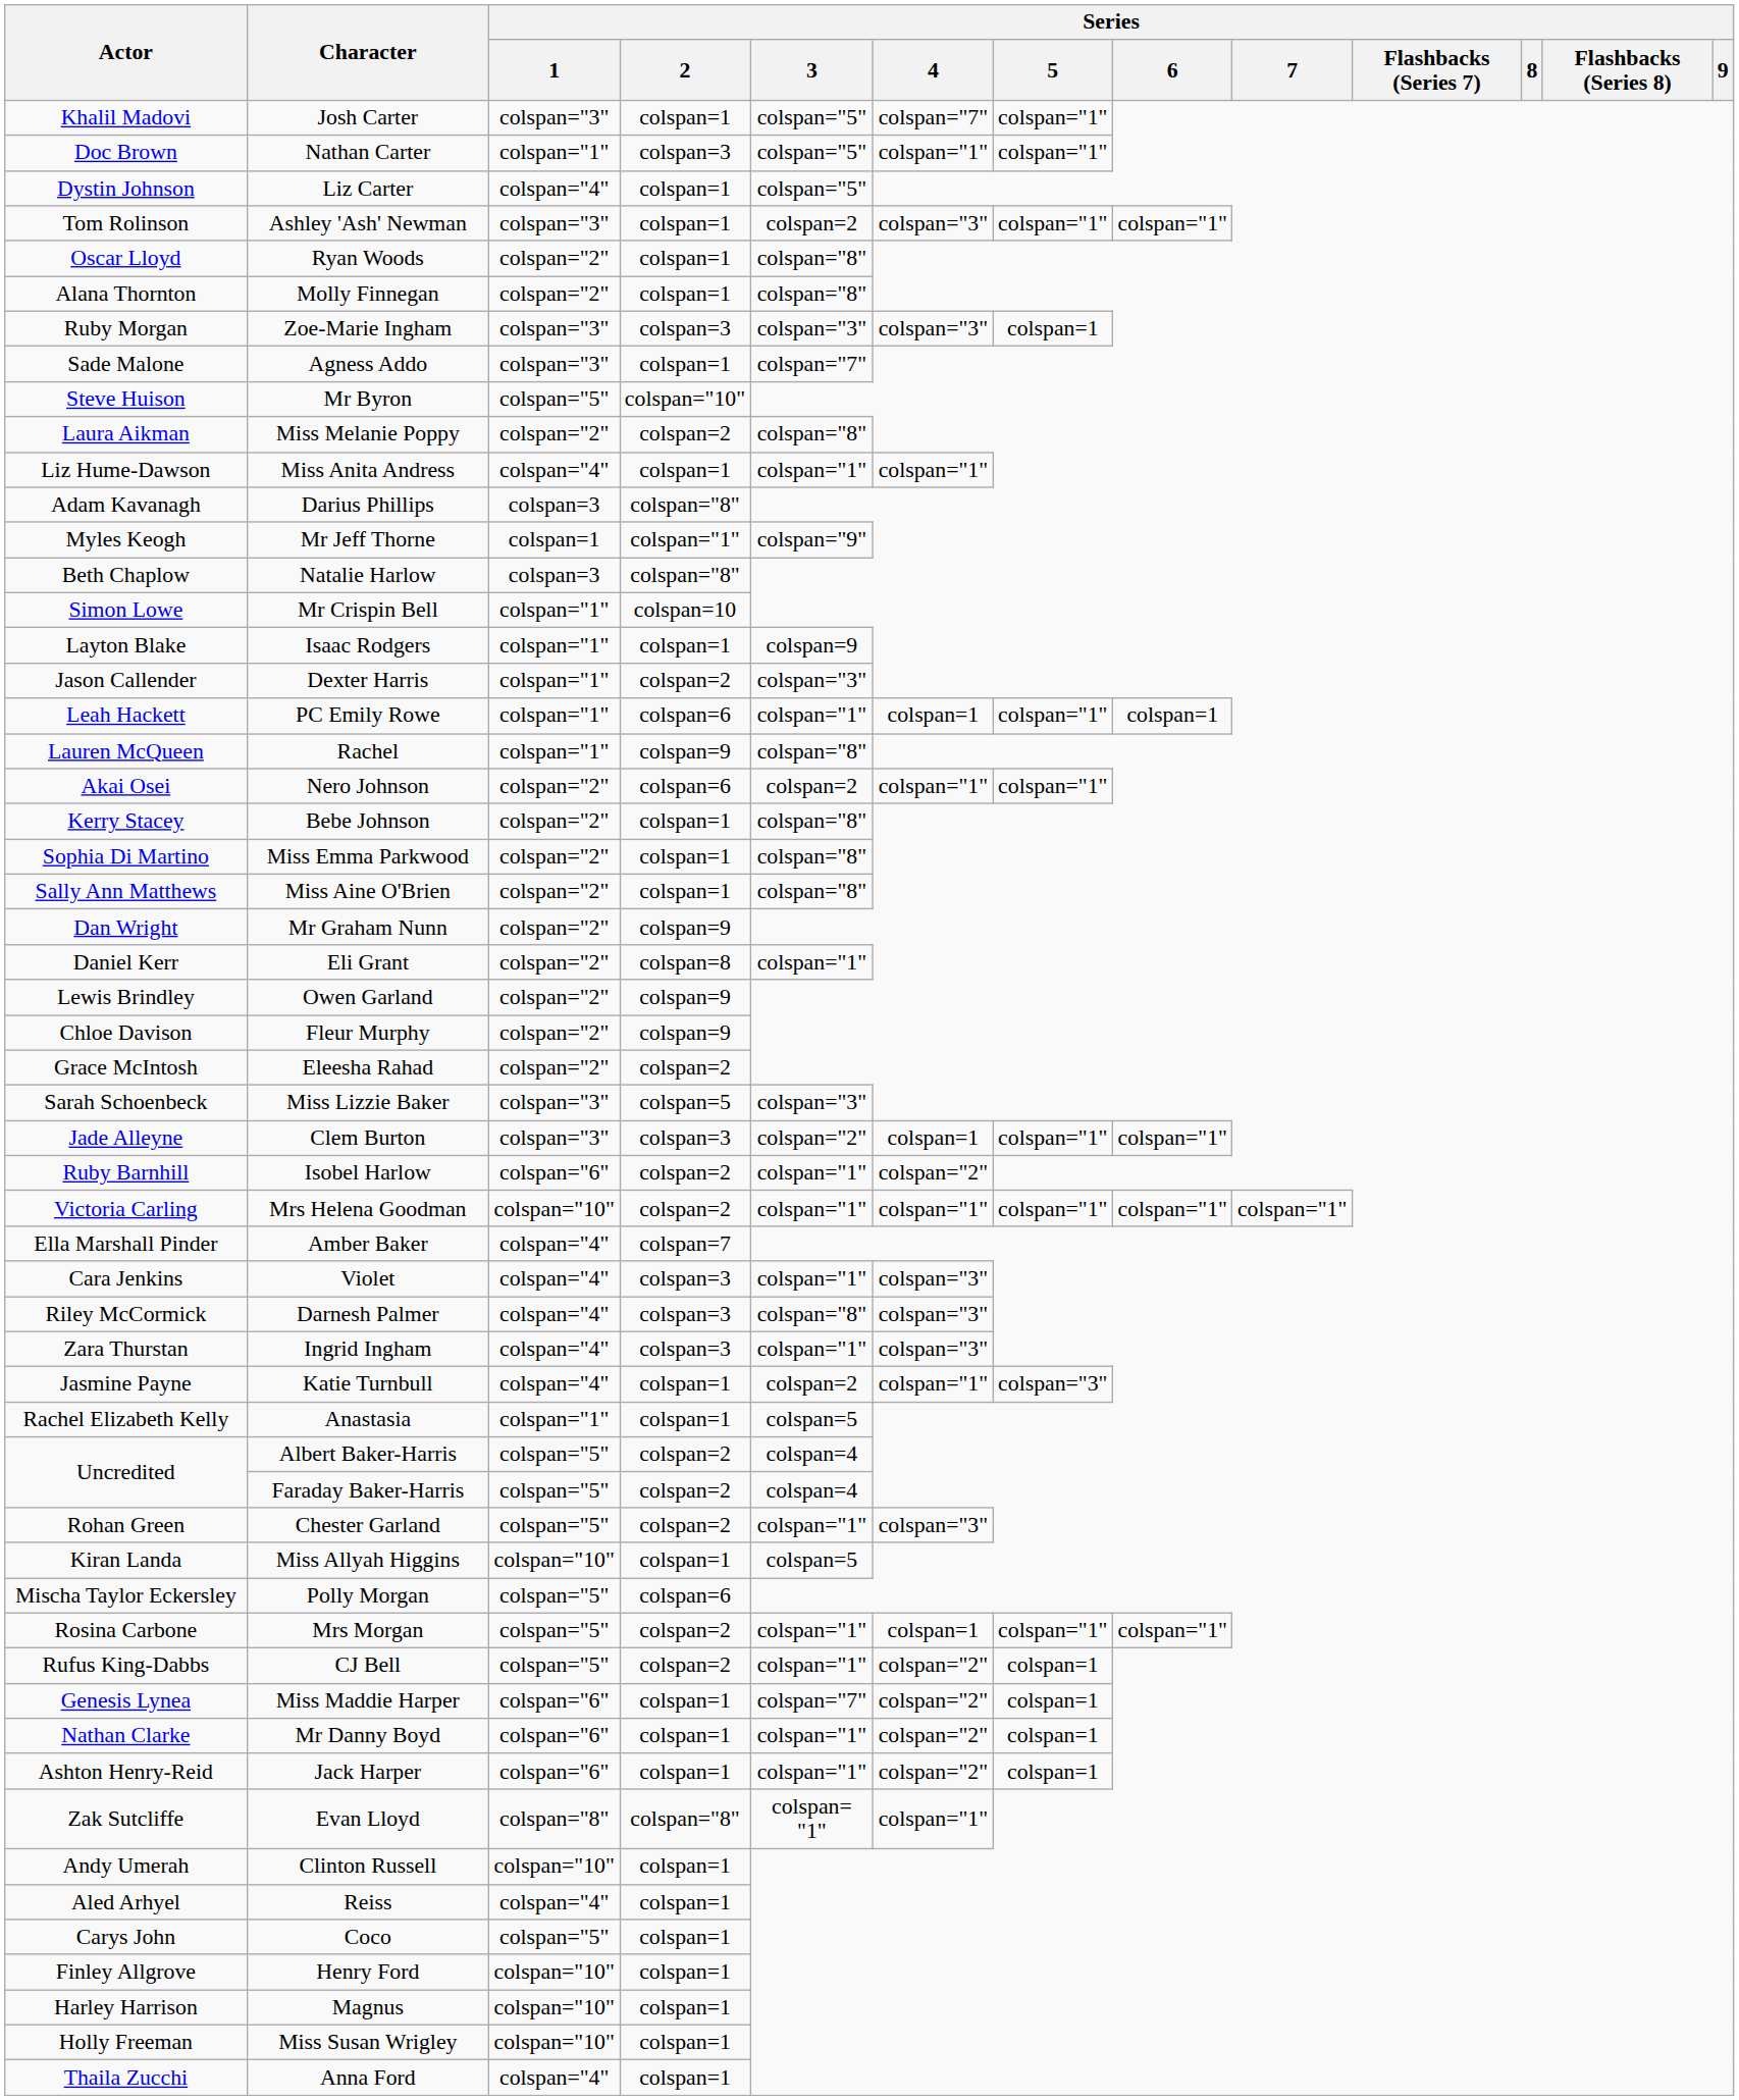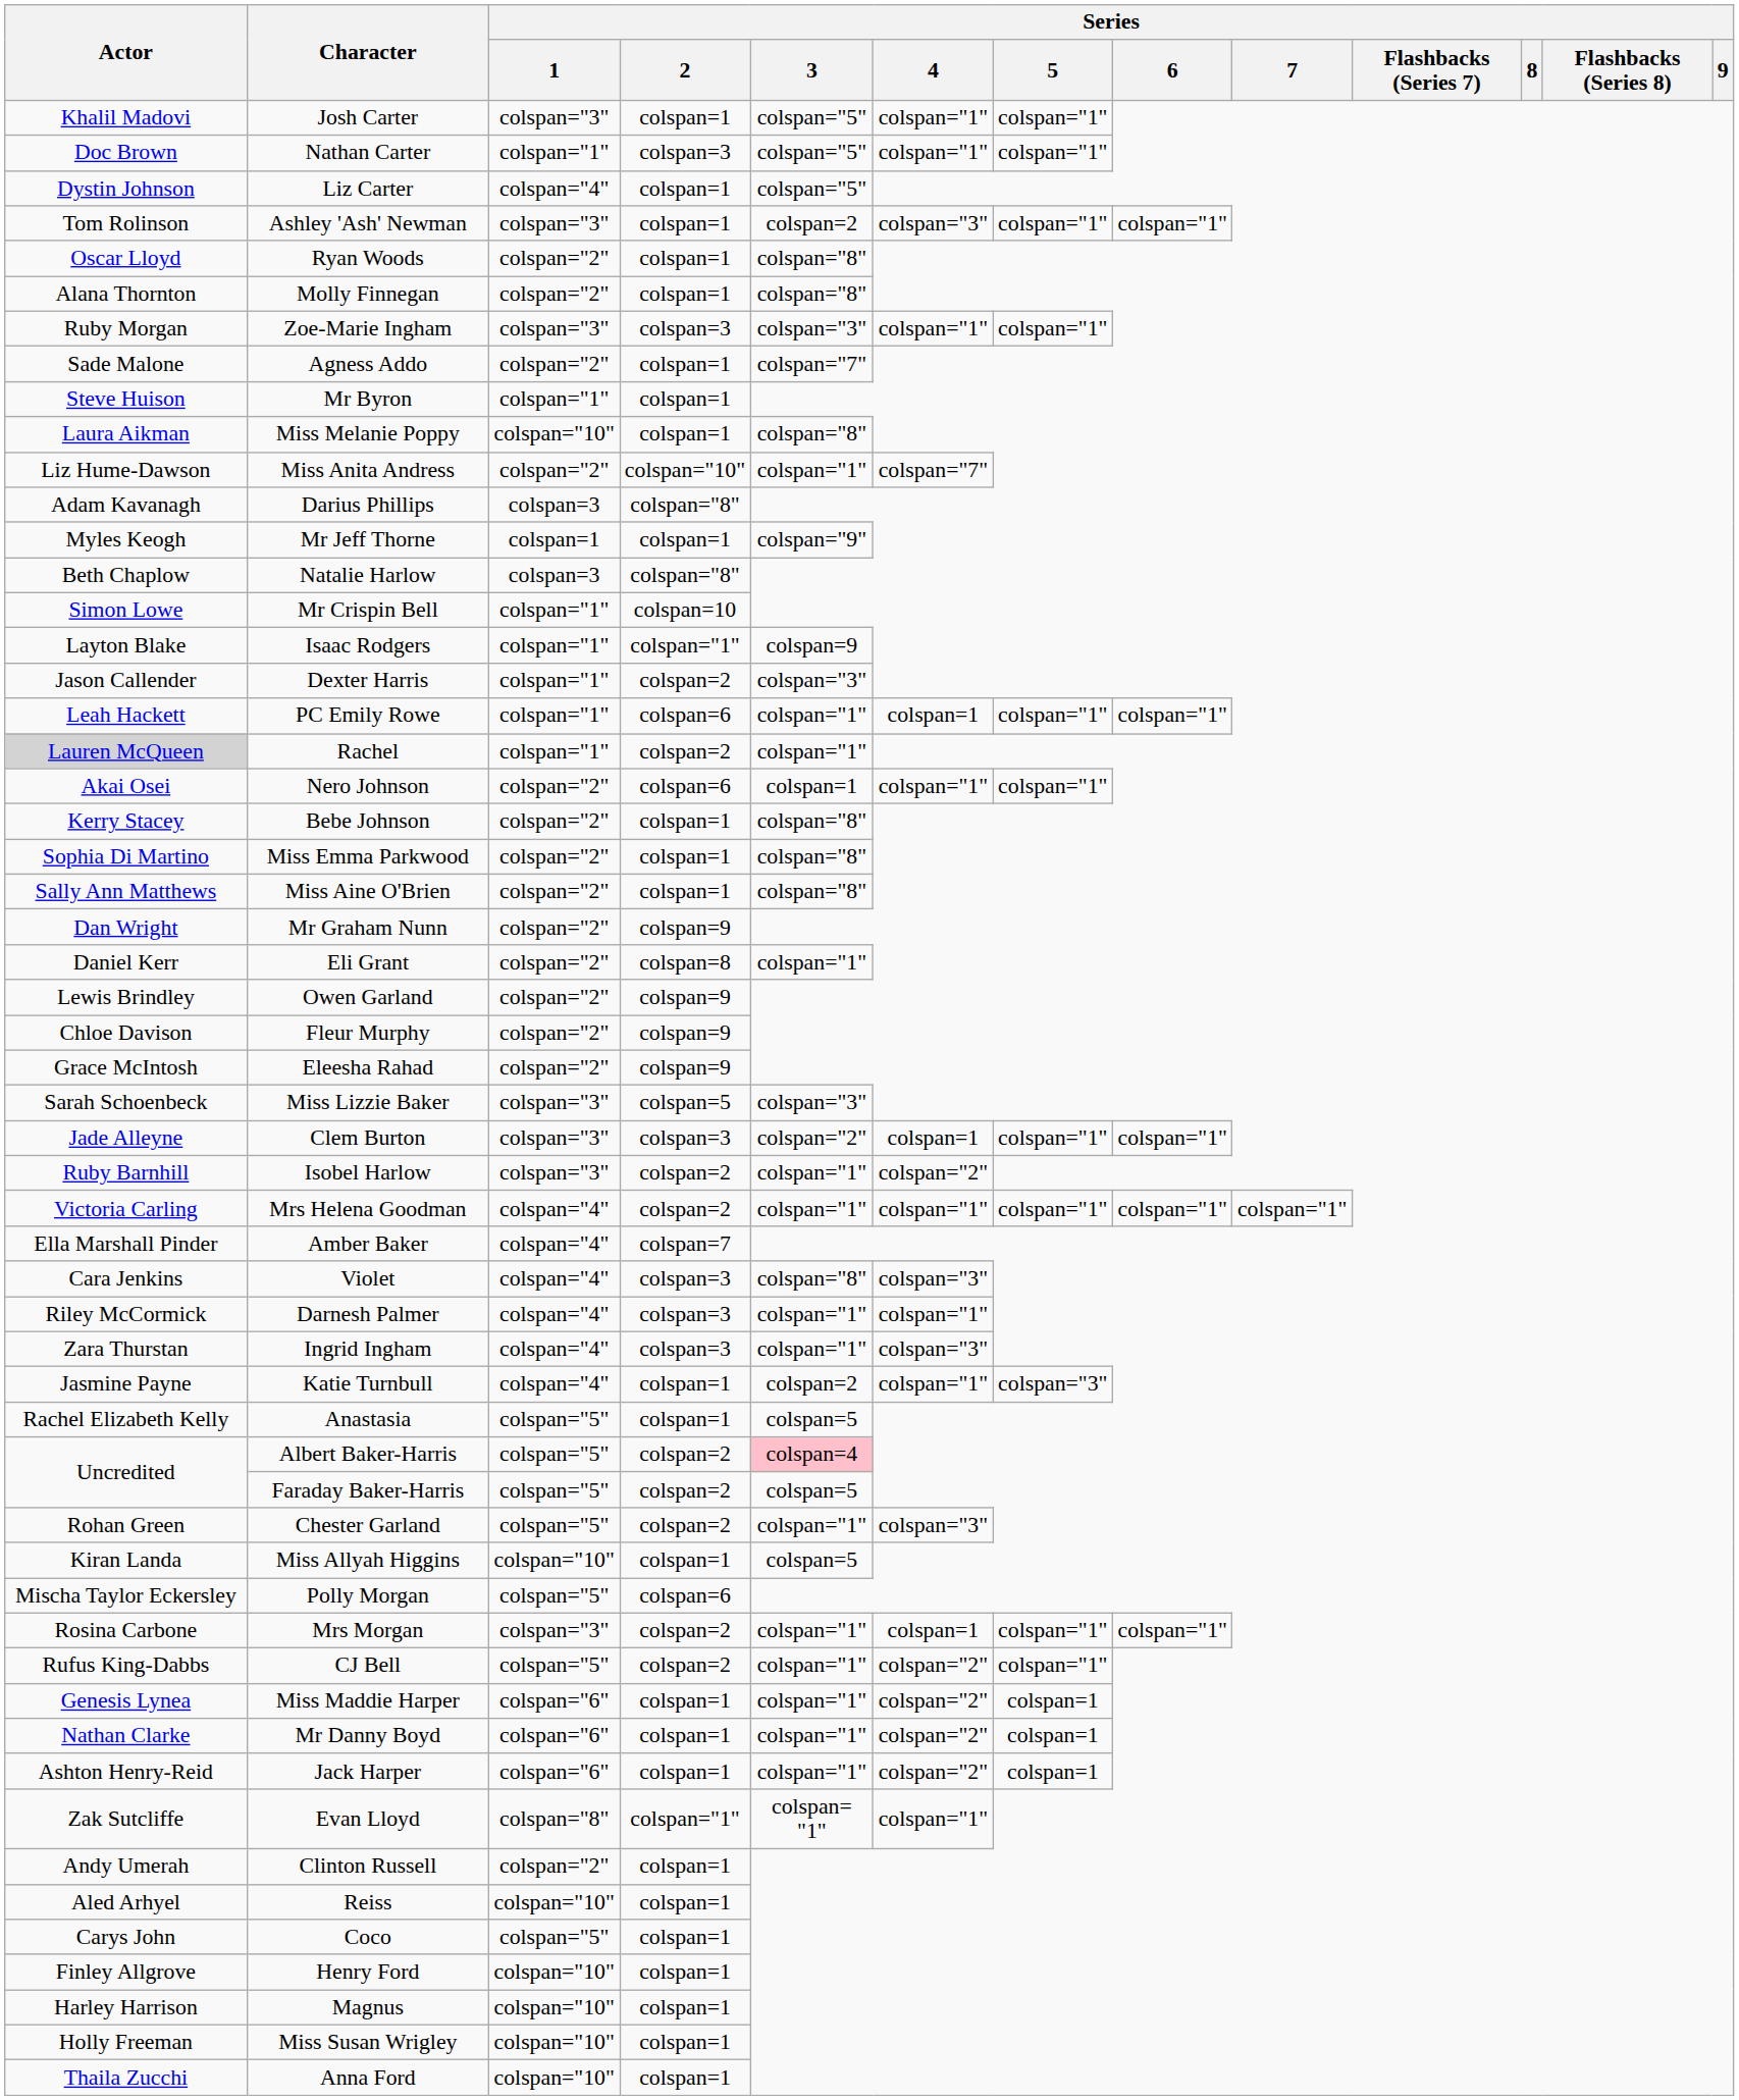 <table class="wikitable sortable plainrowheaders" style="text-align:center">
 <tr>
 <th rowspan="2" width="14%" scope="col">Actor</th>
 <th rowspan="2" width="14%" scope="col">Character</th>
 <th colspan="11">Series</th>
 </tr>
 <tr>
 <th scope="col">1</th>
 <th scope="col">2</th>
 <th scope="col">3</th>
 <th scope="col">4</th>
 <th scope="col">5</th>
 <th scope="col">6</th>
 <th scope="col">7</th>
 <th scope="col">Flashbacks (Series 7)</th>
 <th scope="col">8</th>
 <th scope="col">Flashbacks (Series 8)</th>
 <th scope="col">9</th>
 </tr>
 <tr>
 <td><a href='#'>Khalil Madovi</a></td>
 <td>Josh Carter</td>
 <td>colspan="3" </td>
 <td>colspan=1 </td>
 <td>colspan="5" </td>
-<td>colspan="7" </td>
+<td>colspan="1" </td>
 <td>colspan="1" </td>
 </tr>
 <tr>
 <td><a href='#'>Doc Brown</a></td>
 <td>Nathan Carter</td>
 <td>colspan="1" </td>
 <td>colspan=3 </td>
 <td>colspan="5" </td>
 <td>colspan="1" </td>
 <td>colspan="1" </td>
 </tr>
 <tr>
 <td><a href='#'>Dystin Johnson</a></td>
 <td>Liz Carter</td>
 <td>colspan="4" </td>
 <td>colspan=1 </td>
 <td>colspan="5" </td>
 </tr>
 <tr>
 <td>Tom Rolinson</td>
 <td>Ashley 'Ash' Newman</td>
 <td>colspan="3" </td>
 <td>colspan=1 </td>
 <td>colspan=2 </td>
 <td>colspan="3" </td>
 <td>colspan="1" </td>
 <td>colspan="1" </td>
 </tr>
 <tr>
 <td><a href='#'>Oscar Lloyd</a></td>
 <td>Ryan Woods</td>
 <td>colspan="2" </td>
 <td>colspan=1 </td>
 <td>colspan="8" </td>
 </tr>
 <tr>
 <td>Alana Thornton</td>
 <td>Molly Finnegan</td>
 <td>colspan="2" </td>
 <td>colspan=1 </td>
 <td>colspan="8" </td>
 </tr>
 <tr>
 <td>Ruby Morgan</td>
 <td>Zoe-Marie Ingham</td>
 <td>colspan="3" </td>
 <td>colspan=3 </td>
 <td>colspan="3" </td>
-<td>colspan="3" </td>
-<td>colspan=1 </td>
+<td>colspan="1" </td>
+<td>colspan="1" </td>
 </tr>
 <tr>
 <td>Sade Malone</td>
 <td>Agness Addo</td>
-<td>colspan="3" </td>
+<td>colspan="2" </td>
 <td>colspan=1 </td>
 <td>colspan="7" </td>
 </tr>
 <tr>
 <td><a href='#'>Steve Huison</a></td>
 <td>Mr Byron</td>
-<td>colspan="5" </td>
-<td>colspan="10" </td>
+<td>colspan="1" </td>
+<td>colspan=1 </td>
 </tr>
 <tr>
 <td><a href='#'>Laura Aikman</a></td>
 <td>Miss Melanie Poppy</td>
-<td>colspan="2" </td>
-<td>colspan=2 </td>
+<td>colspan="10" </td>
+<td>colspan=1 </td>
 <td>colspan="8" </td>
 </tr>
 <tr>
 <td>Liz Hume-Dawson</td>
 <td>Miss Anita Andress</td>
-<td>colspan="4" </td>
-<td>colspan=1 </td>
+<td>colspan="2" </td>
+<td>colspan="10" </td>
 <td>colspan="1" </td>
-<td>colspan="1" </td>
+<td>colspan="7" </td>
 </tr>
 <tr>
 <td>Adam Kavanagh</td>
 <td>Darius Phillips</td>
 <td>colspan=3 </td>
 <td>colspan="8" </td>
 </tr>
 <tr>
 <td>Myles Keogh</td>
 <td>Mr Jeff Thorne</td>
 <td>colspan=1 </td>
-<td>colspan="1" </td>
+<td>colspan=1 </td>
 <td>colspan="9" </td>
 </tr>
 <tr>
 <td>Beth Chaplow</td>
 <td>Natalie Harlow</td>
 <td>colspan=3 </td>
 <td>colspan="8" </td>
 </tr>
 <tr>
 <td><a href='#'>Simon Lowe</a></td>
 <td>Mr Crispin Bell</td>
 <td>colspan="1" </td>
 <td>colspan=10 </td>
 </tr>
 <tr>
 <td>Layton Blake</td>
 <td>Isaac Rodgers</td>
 <td>colspan="1" </td>
-<td>colspan=1 </td>
+<td>colspan="1" </td>
 <td>colspan=9 </td>
 </tr>
 <tr>
 <td>Jason Callender</td>
 <td>Dexter Harris</td>
 <td>colspan="1" </td>
 <td>colspan=2 </td>
 <td>colspan="3" </td>
 </tr>
 <tr>
 <td><a href='#'>Leah Hackett</a></td>
 <td>PC Emily Rowe</td>
 <td>colspan="1" </td>
 <td>colspan=6 </td>
 <td>colspan="1" </td>
 <td>colspan=1 </td>
 <td>colspan="1" </td>
-<td>colspan=1 </td>
+<td>colspan="1" </td>
 </tr>
 <tr>
-<td><a href='#'>Lauren McQueen</a></td>
+<td style="background: lightgrey;"><a href='#'>Lauren McQueen</a></td>
 <td>Rachel</td>
 <td>colspan="1" </td>
-<td>colspan=9 </td>
-<td>colspan="8" </td>
+<td>colspan=2 </td>
+<td>colspan="1" </td>
 </tr>
 <tr>
 <td><a href='#'>Akai Osei</a></td>
 <td>Nero Johnson</td>
 <td>colspan="2" </td>
 <td>colspan=6 </td>
-<td>colspan=2 </td>
+<td>colspan=1 </td>
 <td>colspan="1" </td>
 <td>colspan="1" </td>
 </tr>
 <tr>
 <td><a href='#'>Kerry Stacey</a></td>
 <td>Bebe Johnson</td>
 <td>colspan="2" </td>
 <td>colspan=1 </td>
 <td>colspan="8" </td>
 </tr>
 <tr>
 <td><a href='#'>Sophia Di Martino</a></td>
 <td>Miss Emma Parkwood</td>
 <td>colspan="2" </td>
 <td>colspan=1 </td>
 <td>colspan="8" </td>
 </tr>
 <tr>
 <td><a href='#'>Sally Ann Matthews</a></td>
 <td>Miss Aine O'Brien</td>
 <td>colspan="2" </td>
 <td>colspan=1 </td>
 <td>colspan="8" </td>
 </tr>
 <tr>
 <td><a href='#'>Dan Wright</a></td>
 <td>Mr Graham Nunn</td>
 <td>colspan="2" </td>
 <td>colspan=9 </td>
 </tr>
 <tr>
 <td>Daniel Kerr</td>
 <td>Eli Grant</td>
 <td>colspan="2" </td>
 <td>colspan=8 </td>
 <td>colspan="1" </td>
 </tr>
 <tr>
 <td>Lewis Brindley</td>
 <td>Owen Garland</td>
 <td>colspan="2" </td>
 <td>colspan=9 </td>
 </tr>
 <tr>
 <td>Chloe Davison</td>
 <td>Fleur Murphy</td>
 <td>colspan="2" </td>
 <td>colspan=9 </td>
 </tr>
 <tr>
 <td>Grace McIntosh</td>
 <td>Eleesha Rahad</td>
 <td>colspan="2" </td>
-<td>colspan=2 </td>
+<td>colspan=9 </td>
 </tr>
 <tr>
 <td>Sarah Schoenbeck</td>
 <td>Miss Lizzie Baker</td>
 <td>colspan="3" </td>
 <td>colspan=5 </td>
 <td>colspan="3" </td>
 </tr>
 <tr>
 <td><a href='#'>Jade Alleyne</a></td>
 <td>Clem Burton</td>
 <td>colspan="3" </td>
 <td>colspan=3 </td>
 <td>colspan="2" </td>
 <td>colspan=1 </td>
 <td>colspan="1" </td>
 <td>colspan="1" </td>
 </tr>
 <tr>
 <td><a href='#'>Ruby Barnhill</a></td>
 <td>Isobel Harlow</td>
-<td>colspan="6" </td>
+<td>colspan="3" </td>
 <td>colspan=2 </td>
 <td>colspan="1" </td>
 <td>colspan="2" </td>
 </tr>
 <tr>
 <td><a href='#'>Victoria Carling</a></td>
 <td>Mrs Helena Goodman</td>
-<td>colspan="10" </td>
+<td>colspan="4" </td>
 <td>colspan=2 </td>
 <td>colspan="1" </td>
 <td>colspan="1" </td>
 <td>colspan="1" </td>
 <td>colspan="1" </td>
 <td>colspan="1" </td>
 </tr>
 <tr>
 <td>Ella Marshall Pinder</td>
 <td>Amber Baker</td>
 <td>colspan="4" </td>
 <td>colspan=7 </td>
 </tr>
 <tr>
 <td>Cara Jenkins</td>
 <td>Violet</td>
 <td>colspan="4" </td>
 <td>colspan=3 </td>
-<td>colspan="1" </td>
+<td>colspan="8" </td>
 <td>colspan="3" </td>
 </tr>
 <tr>
 <td>Riley McCormick</td>
 <td>Darnesh Palmer</td>
 <td>colspan="4" </td>
 <td>colspan=3 </td>
-<td>colspan="8" </td>
-<td>colspan="3" </td>
+<td>colspan="1" </td>
+<td>colspan="1" </td>
 </tr>
 <tr>
 <td>Zara Thurstan</td>
 <td>Ingrid Ingham</td>
 <td>colspan="4" </td>
 <td>colspan=3 </td>
 <td>colspan="1" </td>
 <td>colspan="3" </td>
 </tr>
 <tr>
 <td>Jasmine Payne</td>
 <td>Katie Turnbull</td>
 <td>colspan="4" </td>
 <td>colspan=1 </td>
 <td>colspan=2 </td>
 <td>colspan="1" </td>
 <td>colspan="3" </td>
 </tr>
 <tr>
 <td>Rachel Elizabeth Kelly</td>
 <td>Anastasia</td>
-<td>colspan="1" </td>
+<td>colspan="5" </td>
 <td>colspan=1 </td>
 <td>colspan=5 </td>
 </tr>
 <tr>
 <td rowspan="2">Uncredited</td>
 <td>Albert Baker-Harris</td>
 <td>colspan="5" </td>
 <td>colspan=2 </td>
-<td>colspan=4 </td>
+<td style="background: pink;">colspan=4 </td>
 </tr>
 <tr>
 <td>Faraday Baker-Harris</td>
 <td>colspan="5" </td>
 <td>colspan=2 </td>
-<td>colspan=4 </td>
+<td>colspan=5 </td>
 </tr>
 <tr>
 <td>Rohan Green</td>
 <td>Chester Garland</td>
 <td>colspan="5" </td>
 <td>colspan=2 </td>
 <td>colspan="1" </td>
 <td>colspan="3" </td>
 </tr>
 <tr>
 <td>Kiran Landa</td>
 <td>Miss Allyah Higgins</td>
 <td>colspan="10" </td>
 <td>colspan=1 </td>
 <td>colspan=5 </td>
 </tr>
 <tr>
 <td>Mischa Taylor Eckersley</td>
 <td>Polly Morgan</td>
 <td>colspan="5" </td>
 <td>colspan=6 </td>
 </tr>
 <tr>
 <td>Rosina Carbone</td>
 <td>Mrs Morgan</td>
-<td>colspan="5" </td>
+<td>colspan="3" </td>
 <td>colspan=2 </td>
 <td>colspan="1" </td>
 <td>colspan=1 </td>
 <td>colspan="1" </td>
 <td>colspan="1" </td>
 </tr>
 <tr>
 <td>Rufus King-Dabbs</td>
 <td>CJ Bell</td>
 <td>colspan="5" </td>
 <td>colspan=2 </td>
 <td>colspan="1" </td>
 <td>colspan="2" </td>
-<td>colspan=1 </td>
+<td>colspan="1" </td>
 </tr>
 <tr>
 <td><a href='#'>Genesis Lynea</a></td>
 <td>Miss Maddie Harper</td>
 <td>colspan="6" </td>
 <td>colspan=1 </td>
-<td>colspan="7" </td>
+<td>colspan="1" </td>
 <td>colspan="2" </td>
 <td>colspan=1 </td>
 </tr>
 <tr>
 <td><a href='#'>Nathan Clarke</a></td>
 <td>Mr Danny Boyd</td>
 <td>colspan="6" </td>
 <td>colspan=1 </td>
 <td>colspan="1" </td>
 <td>colspan="2" </td>
 <td>colspan=1 </td>
 </tr>
 <tr>
 <td>Ashton Henry-Reid</td>
 <td>Jack Harper</td>
 <td>colspan="6" </td>
 <td>colspan=1 </td>
 <td>colspan="1" </td>
 <td>colspan="2" </td>
 <td>colspan=1 </td>
 </tr>
 <tr>
 <td>Zak Sutcliffe</td>
 <td>Evan Lloyd</td>
 <td>colspan="8" </td>
-<td>colspan="8" </td>
+<td>colspan="1" </td>
 <td>colspan= "1" </td>
 <td>colspan="1" </td>
 </tr>
 <tr>
 <td>Andy Umerah</td>
 <td>Clinton Russell</td>
-<td>colspan="10" </td>
+<td>colspan="2" </td>
 <td>colspan=1 </td>
 </tr>
 <tr>
 <td>Aled Arhyel</td>
 <td>Reiss</td>
-<td>colspan="4" </td>
+<td>colspan="10" </td>
 <td>colspan=1 </td>
 </tr>
 <tr>
 <td>Carys John</td>
 <td>Coco</td>
 <td>colspan="5" </td>
 <td>colspan=1 </td>
 </tr>
 <tr>
 <td>Finley Allgrove</td>
 <td>Henry Ford</td>
 <td>colspan="10" </td>
 <td>colspan=1 </td>
 </tr>
 <tr>
 <td>Harley Harrison</td>
 <td>Magnus</td>
 <td>colspan="10" </td>
 <td>colspan=1 </td>
 </tr>
 <tr>
 <td>Holly Freeman</td>
 <td>Miss Susan Wrigley</td>
 <td>colspan="10" </td>
 <td>colspan=1 </td>
 </tr>
 <tr>
 <td><a href='#'>Thaila Zucchi</a></td>
 <td>Anna Ford</td>
-<td>colspan="4" </td>
+<td>colspan="10" </td>
 <td>colspan=1 </td>
 </tr>
 </table>
